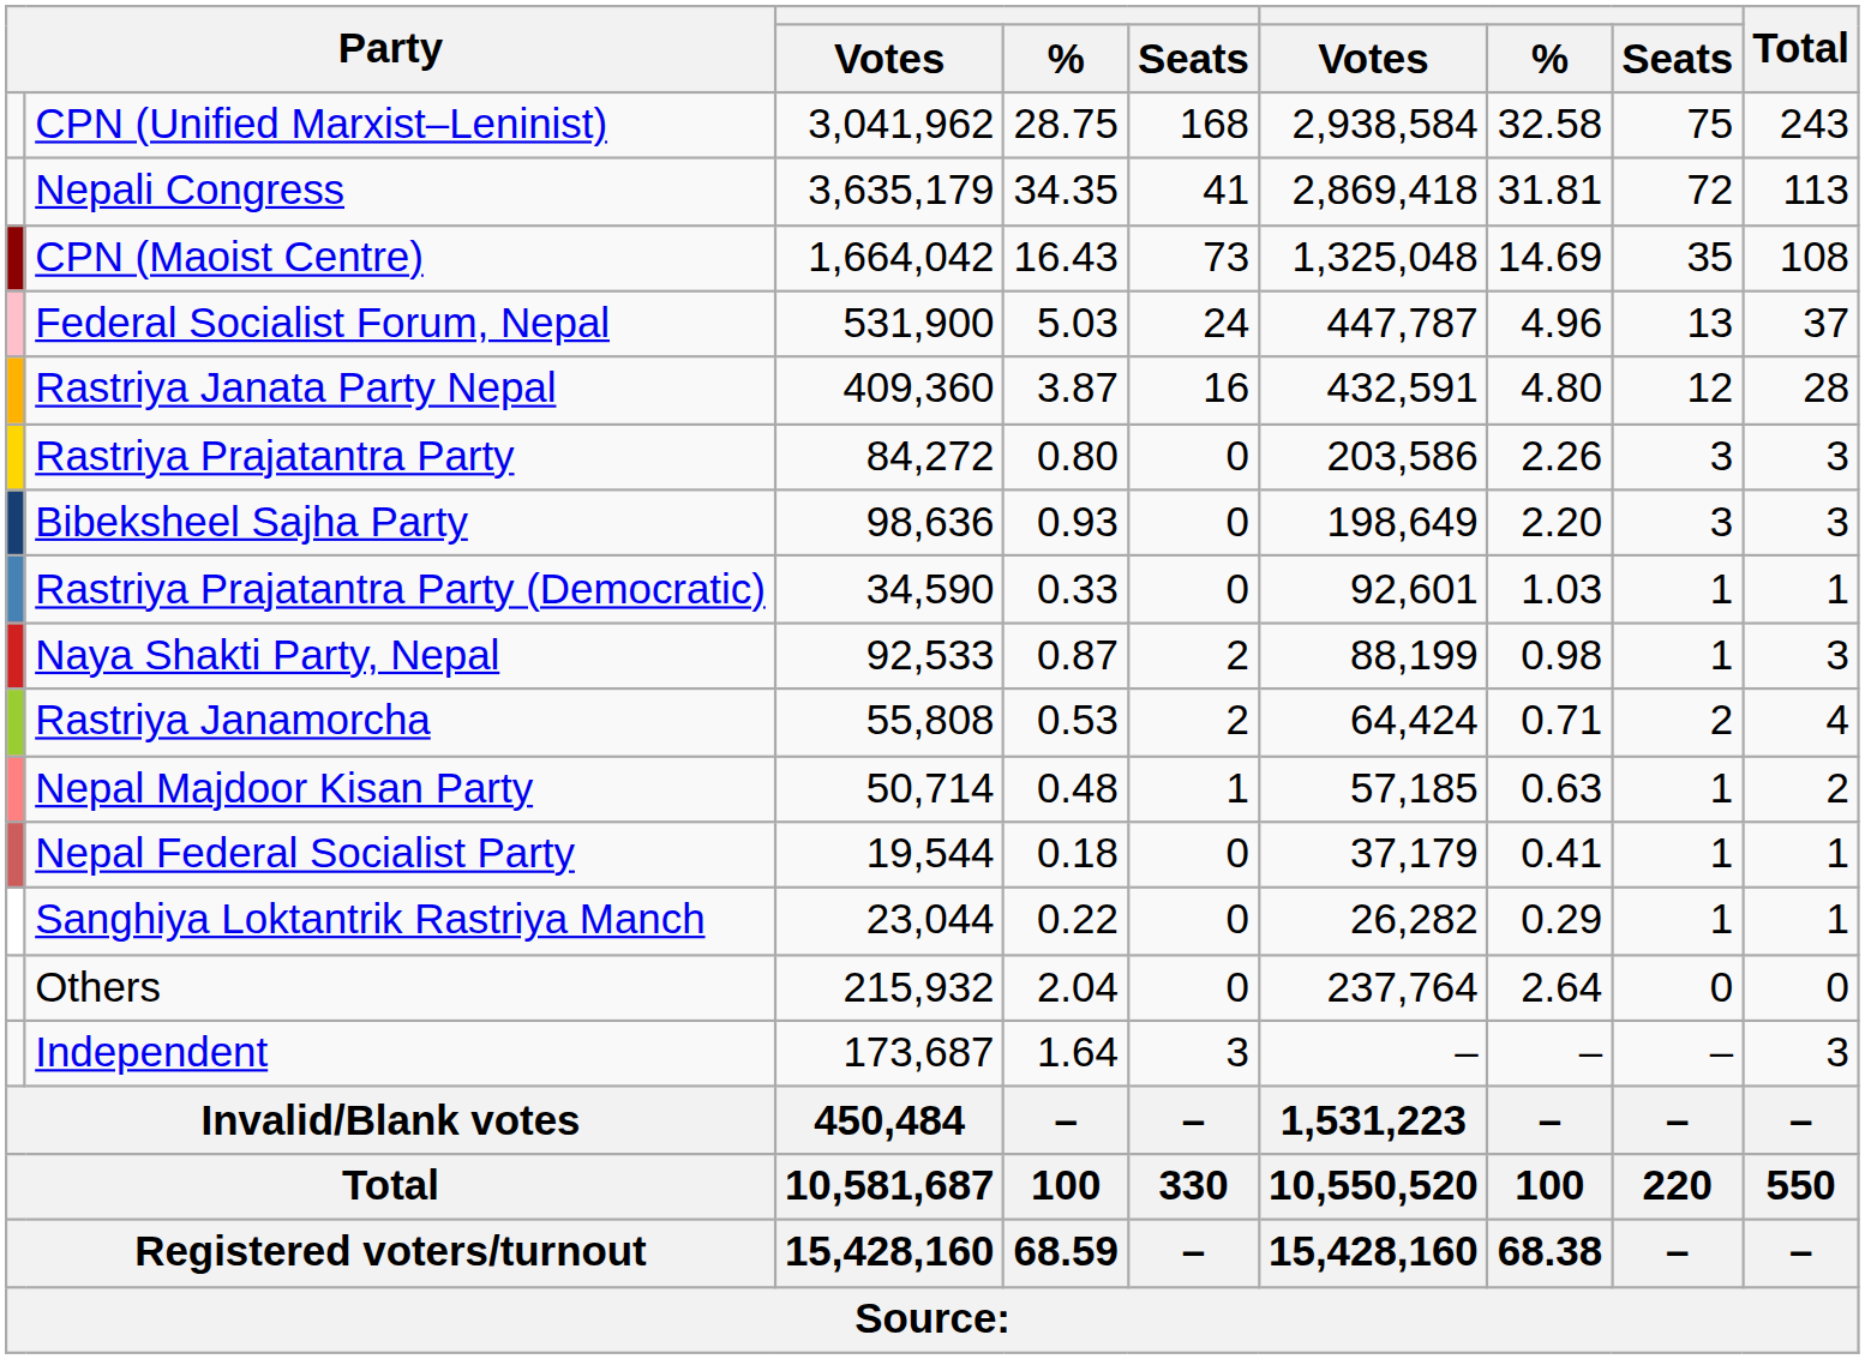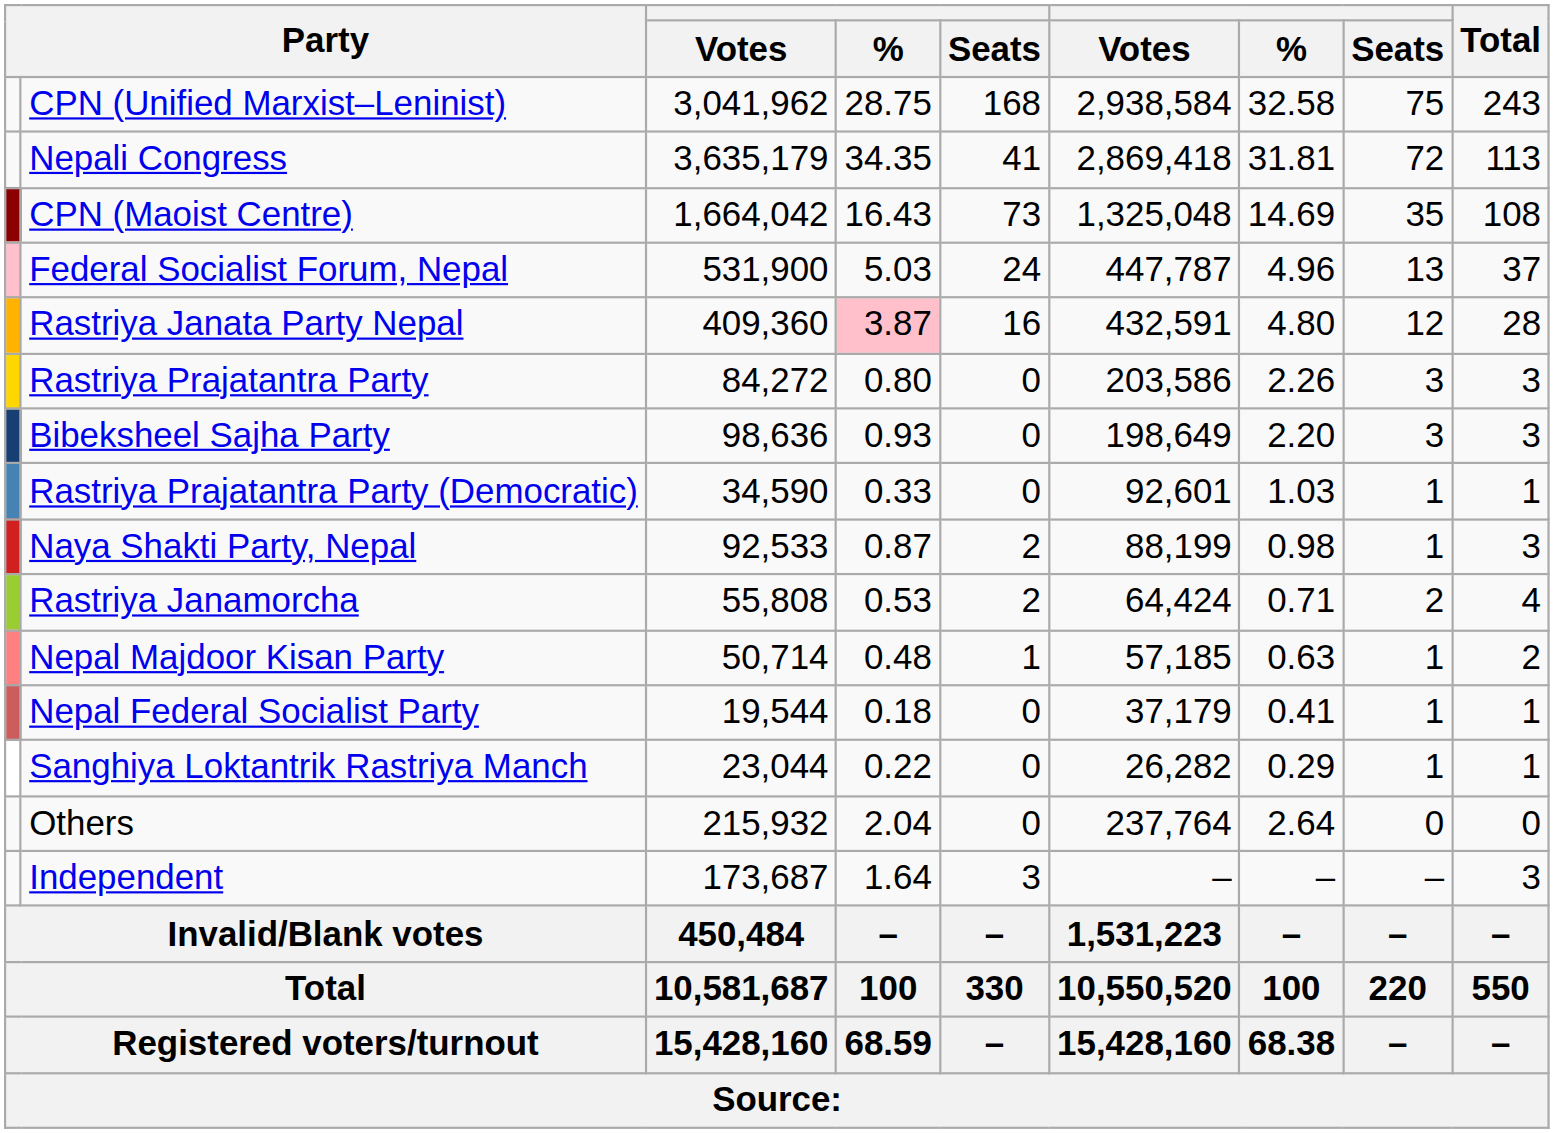 <table class="wikitable" style="text-align:right">
 <tr>
 <th colspan="2" rowspan="2">Party</th>
 <th colspan="3"></th>
 <th colspan="3"></th>
 <th rowspan="2">Total</th>
 </tr>
 <tr>
 <th>Votes</th>
 <th>%</th>
 <th>Seats</th>
 <th>Votes</th>
 <th>%</th>
 <th>Seats</th>
 </tr>
 <tr>
 <td></td>
 <td align="left"><a href='#'>CPN (Unified Marxist–Leninist)</a></td>
 <td>3,041,962</td>
 <td>28.75</td>
 <td>168</td>
 <td>2,938,584</td>
 <td>32.58</td>
 <td>75</td>
 <td>243</td>
 </tr>
 <tr>
 <td></td>
 <td align="left"><a href='#'>Nepali Congress</a></td>
 <td>3,635,179</td>
 <td>34.35</td>
 <td>41</td>
 <td>2,869,418</td>
 <td>31.81</td>
 <td>72</td>
 <td>113</td>
 </tr>
 <tr>
 <td bgcolor="8B0000"></td>
 <td align="left"><a href='#'>CPN (Maoist Centre)</a></td>
 <td>1,664,042</td>
 <td>16.43</td>
 <td>73</td>
 <td>1,325,048</td>
 <td>14.69</td>
 <td>35</td>
 <td>108</td>
 </tr>
 <tr>
 <td bgcolor="FFC0CB"></td>
 <td align="left"><a href='#'>Federal Socialist Forum, Nepal</a></td>
 <td>531,900</td>
 <td>5.03</td>
 <td>24</td>
 <td>447,787</td>
 <td>4.96</td>
 <td>13</td>
 <td>37</td>
 </tr>
 <tr>
 <td bgcolor="FFb300"></td>
 <td align="left"><a href='#'>Rastriya Janata Party Nepal</a></td>
 <td>409,360</td>
-<td>3.87</td>
+<td style="background: pink;">3.87</td>
 <td>16</td>
 <td>432,591</td>
 <td>4.80</td>
 <td>12</td>
 <td>28</td>
 </tr>
 <tr>
 <td bgcolor=#FFD700></td>
 <td align="left"><a href='#'>Rastriya Prajatantra Party</a></td>
 <td>84,272</td>
 <td>0.80</td>
 <td>0</td>
 <td>203,586</td>
 <td>2.26</td>
 <td>3</td>
 <td>3</td>
 </tr>
 <tr>
 <td bgcolor="183F73"></td>
 <td align="left"><a href='#'>Bibeksheel Sajha Party</a></td>
 <td>98,636</td>
 <td>0.93</td>
 <td>0</td>
 <td>198,649</td>
 <td>2.20</td>
 <td>3</td>
 <td>3</td>
 </tr>
 <tr>
 <td bgcolor=#4682B4></td>
 <td align="left"><a href='#'>Rastriya Prajatantra Party (Democratic)</a></td>
 <td>34,590</td>
 <td>0.33</td>
 <td>0</td>
 <td>92,601</td>
 <td>1.03</td>
 <td>1</td>
 <td>1</td>
 </tr>
 <tr>
 <td bgcolor=#D02020></td>
 <td align="left"><a href='#'>Naya Shakti Party, Nepal</a></td>
 <td>92,533</td>
 <td>0.87</td>
 <td>2</td>
 <td>88,199</td>
 <td>0.98</td>
 <td>1</td>
 <td>3</td>
 </tr>
 <tr>
 <td bgcolor=#9ACD32></td>
 <td align="left"><a href='#'>Rastriya Janamorcha</a></td>
 <td>55,808</td>
 <td>0.53</td>
 <td>2</td>
 <td>64,424</td>
 <td>0.71</td>
 <td>2</td>
 <td>4</td>
 </tr>
 <tr>
 <td bgcolor=#FF8080></td>
 <td align="left"><a href='#'>Nepal Majdoor Kisan Party</a></td>
 <td>50,714</td>
 <td>0.48</td>
 <td>1</td>
 <td>57,185</td>
 <td>0.63</td>
 <td>1</td>
 <td>2</td>
 </tr>
 <tr>
 <td bgcolor=#CD5C5C></td>
 <td align="left"><a href='#'>Nepal Federal Socialist Party</a></td>
 <td>19,544</td>
 <td>0.18</td>
 <td>0</td>
 <td>37,179</td>
 <td>0.41</td>
 <td>1</td>
 <td>1</td>
 </tr>
 <tr>
 <td bgcolor=#FFFFFF></td>
 <td align="left"><a href='#'>Sanghiya Loktantrik Rastriya Manch</a></td>
 <td>23,044</td>
 <td>0.22</td>
 <td>0</td>
 <td>26,282</td>
 <td>0.29</td>
 <td>1</td>
 <td>1</td>
 </tr>
 <tr>
 <td></td>
 <td align="left">Others</td>
 <td>215,932</td>
 <td>2.04</td>
 <td>0</td>
 <td>237,764</td>
 <td>2.64</td>
 <td>0</td>
 <td>0</td>
 </tr>
 <tr>
 <td></td>
 <td align="left"><a href='#'>Independent</a></td>
 <td>173,687</td>
 <td>1.64</td>
 <td>3</td>
 <td>–</td>
 <td>–</td>
 <td>–</td>
 <td>3</td>
 </tr>
 <tr>
 <th colspan="2">Invalid/Blank votes</th>
 <th>450,484</th>
 <th>–</th>
 <th>–</th>
 <th>1,531,223</th>
 <th>–</th>
 <th>–</th>
 <th>–</th>
 </tr>
 <tr>
 <th colspan="2">Total</th>
 <th>10,581,687</th>
 <th>100</th>
 <th>330</th>
 <th>10,550,520</th>
 <th>100</th>
 <th>220</th>
 <th>550</th>
 </tr>
 <tr>
 <th colspan="2">Registered voters/turnout</th>
 <th>15,428,160</th>
 <th>68.59</th>
 <th>–</th>
 <th>15,428,160</th>
 <th>68.38</th>
 <th>–</th>
 <th>–</th>
 </tr>
 <tr>
 <th colspan="9">Source: </th>
 </tr>
 </table>
